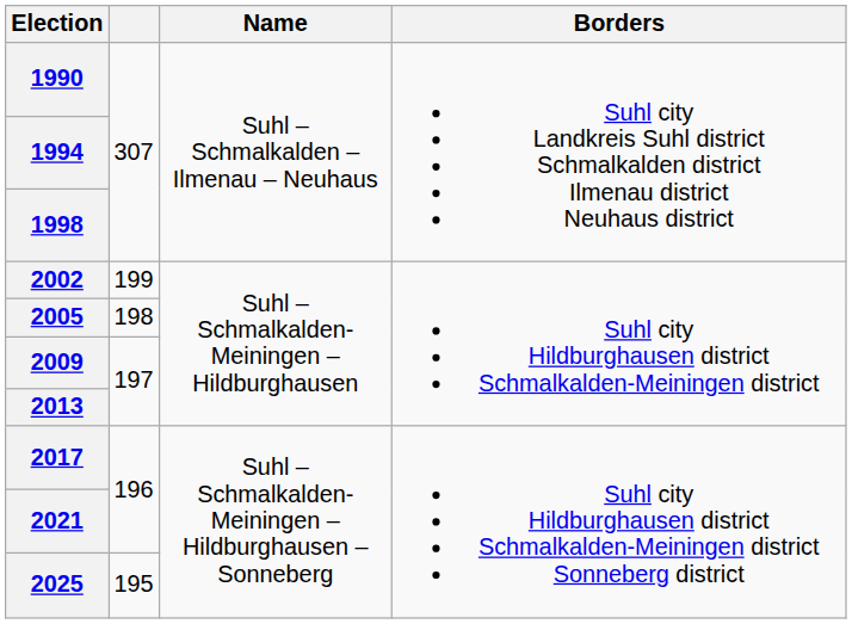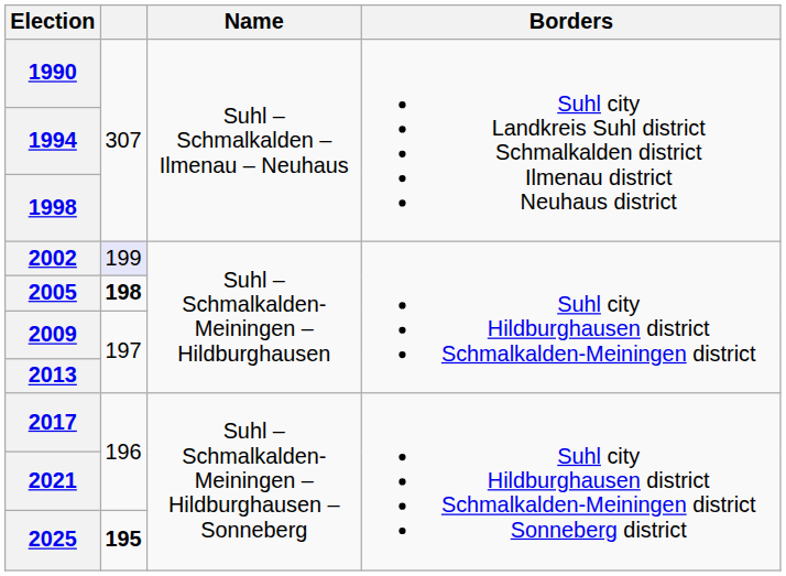 <table class=wikitable style="text-align:center">
 <tr>
 <th>Election</th>
 <th></th>
 <th width=150px>Name</th>
 <th width=300px>Borders</th>
 </tr>
 <tr>
 <th><a href='#'>1990</a></th>
 <td rowspan=3>307</td>
 <td rowspan=3>Suhl – Schmalkalden – Ilmenau – Neuhaus</td>
 <td rowspan=3><br><ul><li><a href='#'>Suhl</a> city</li><li>Landkreis Suhl district</li><li>Schmalkalden district</li><li>Ilmenau district</li><li>Neuhaus district</li></ul></td>
 </tr>
 <tr>
 <th><a href='#'>1994</a></th>
 </tr>
 <tr>
 <th><a href='#'>1998</a></th>
 </tr>
 <tr>
 <th><a href='#'>2002</a></th>
-<td>199</td>
+<td style="background: lavender;">199</td>
 <td rowspan=4>Suhl – Schmalkalden-Meiningen – Hildburghausen</td>
 <td rowspan=4><br><ul><li><a href='#'>Suhl</a> city</li><li><a href='#'>Hildburghausen</a> district</li><li><a href='#'>Schmalkalden-Meiningen</a> district</li></ul></td>
 </tr>
 <tr>
 <th><a href='#'>2005</a></th>
-<td>198</td>
+<td><strong>198</strong></td>
 </tr>
 <tr>
 <th><a href='#'>2009</a></th>
 <td rowspan=2>197</td>
 </tr>
 <tr>
 <th><a href='#'>2013</a></th>
 </tr>
 <tr>
 <th><a href='#'>2017</a></th>
 <td rowspan=2>196</td>
 <td rowspan=3>Suhl – Schmalkalden-Meiningen – Hildburghausen – Sonneberg</td>
 <td rowspan=3><br><ul><li><a href='#'>Suhl</a> city</li><li><a href='#'>Hildburghausen</a> district</li><li><a href='#'>Schmalkalden-Meiningen</a> district</li><li><a href='#'>Sonneberg</a> district</li></ul></td>
 </tr>
 <tr>
 <th><a href='#'>2021</a></th>
 </tr>
 <tr>
 <th><a href='#'>2025</a></th>
-<td>195</td>
+<td><strong>195</strong></td>
 </tr>
 </table>
